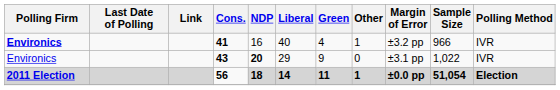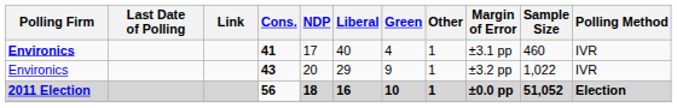 <table class="wikitable sortable">
 <tr style="background:#e9e9e9;">
 <th style="width:120px">Polling Firm</th>
 <th style="width:110px">Last Date<br>of Polling</th>
 <th style="width:60px" class="unsortable">Link</th>
 <th style="background-color:"><strong><a href='#'>Cons.</a></strong></th>
 <th style="background-color:"><strong><a href='#'>NDP</a></strong></th>
 <th style="background-color:"><strong><a href='#'>Liberal</a></strong></th>
 <th style="background-color:"><strong><a href='#'>Green</a></strong></th>
 <th style="background-color:"><strong>Other</strong></th>
 <th style="width:60px;" class=unsortable>Margin<br>of Error</th>
 <th style="width:50px;" class=unsortable>Sample<br>Size</th>
 <th class=unsortable>Polling Method</th>
 </tr>
 <tr>
 <td><strong><a href='#'>Environics</a></strong></td>
 <td></td>
 <td></td>
 <td><strong>41</strong></td>
-<td>16</td>
+<td>17</td>
 <td>40</td>
 <td>4</td>
 <td>1</td>
-<td>±3.2 pp</td>
-<td>966</td>
+<td>±3.1 pp</td>
+<td>460</td>
 <td>IVR</td>
 </tr>
 <tr>
 <td><a href='#'>Environics</a></td>
 <td></td>
 <td></td>
 <td><strong>43</strong></td>
-<td><strong>20</strong></td>
+<td>20</td>
 <td>29</td>
 <td>9</td>
-<td>0</td>
-<td>±3.1 pp</td>
+<td>1</td>
+<td>±3.2 pp</td>
 <td>1,022</td>
 <td>IVR</td>
 </tr>
 <tr>
 <td style="background:#D5D5D5"><strong><a href='#'>2011 Election</a></strong></td>
 <td style="background:#D5D5D5"><strong></strong></td>
 <td style="background:#D5D5D5"></td>
 <td><strong>56</strong></td>
 <td style="background:#D5D5D5"><strong>18</strong></td>
-<td style="background:#D5D5D5"><strong>14</strong></td>
-<td style="background:#D5D5D5"><strong>11</strong></td>
+<td style="background:#D5D5D5"><strong>16</strong></td>
+<td style="background:#D5D5D5"><strong>10</strong></td>
 <td style="background:#D5D5D5"><strong>1</strong></td>
 <td style="background:#D5D5D5"><strong>±0.0 pp</strong></td>
-<td style="background:#D5D5D5"><strong>51,054</strong></td>
+<td style="background:#D5D5D5"><strong>51,052</strong></td>
 <td style="background:#D5D5D5"><strong>Election</strong></td>
 </tr>
 <tr>
 </tr>
 <tr>
 </tr>
 </table>
